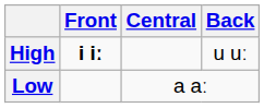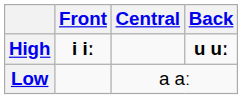 <table class="wikitable IPA" style="text-align: center;">
 <tr>
 <th></th>
 <th><a href='#'>Front</a></th>
 <th><a href='#'>Central</a></th>
 <th><a href='#'>Back</a></th>
 </tr>
 <tr>
 <th><a href='#'>High</a></th>
 <td><strong>i iː</strong></td>
 <td></td>
-<td>u uː</td>
+<td><strong>u uː</strong></td>
 </tr>
 <tr>
 <th><a href='#'>Low</a></th>
 <td></td>
 <td colspan="2">a aː</td>
 </tr>
 </table>
